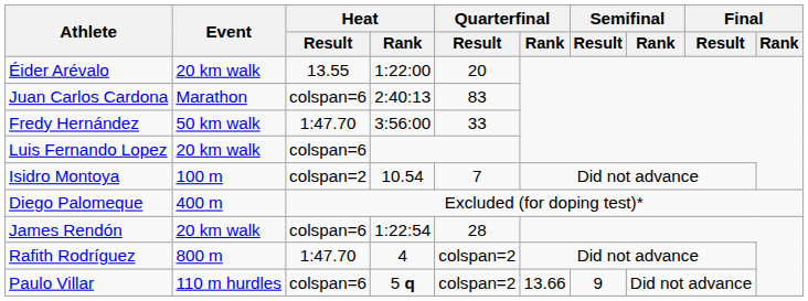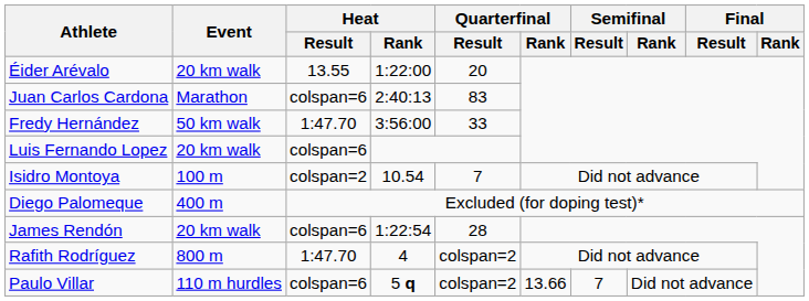 <table class="wikitable" style="font-size:90%">
 <tr>
 <th rowspan="2">Athlete</th>
 <th rowspan="2">Event</th>
 <th colspan="2">Heat</th>
 <th colspan="2">Quarterfinal</th>
 <th colspan="2">Semifinal</th>
 <th colspan="2">Final</th>
 </tr>
 <tr style="font-size:95%">
 <th>Result</th>
 <th>Rank</th>
 <th>Result</th>
 <th>Rank</th>
 <th>Result</th>
 <th>Rank</th>
 <th>Result</th>
 <th>Rank</th>
 </tr>
 <tr align=center>
 <td align=left><a href='#'>Éider Arévalo</a></td>
 <td align=left><a href='#'>20 km walk</a></td>
 <td>13.55</td>
 <td>1:22:00</td>
 <td>20</td>
 </tr>
 <tr align=center>
 <td align=left><a href='#'>Juan Carlos Cardona</a></td>
 <td align=left><a href='#'>Marathon</a></td>
 <td>colspan=6 </td>
 <td>2:40:13</td>
 <td>83</td>
 </tr>
 <tr align=center>
 <td align=left><a href='#'>Fredy Hernández</a></td>
 <td align=left><a href='#'>50 km walk</a></td>
 <td>1:47.70</td>
 <td>3:56:00</td>
 <td>33</td>
 </tr>
 <tr align=center>
 <td align=left><a href='#'>Luis Fernando Lopez</a></td>
 <td align=left><a href='#'>20 km walk</a></td>
 <td>colspan=6 </td>
 <td colspan=2></td>
 </tr>
 <tr align=center>
 <td align=left><a href='#'>Isidro Montoya</a></td>
 <td align=left><a href='#'>100 m</a></td>
 <td>colspan=2 </td>
 <td>10.54</td>
 <td>7</td>
 <td colspan=4>Did not advance</td>
 </tr>
 <tr align=center>
 <td align=left><a href='#'>Diego Palomeque</a></td>
 <td align=left><a href='#'>400 m</a></td>
 <td colspan=8>Excluded (for doping test)*</td>
 </tr>
 <tr align=center>
 <td align=left><a href='#'>James Rendón</a></td>
 <td align=left><a href='#'>20 km walk</a></td>
 <td>colspan=6 </td>
 <td>1:22:54</td>
 <td>28</td>
 </tr>
 <tr align=center>
 <td align=left><a href='#'>Rafith Rodríguez</a></td>
 <td align=left><a href='#'>800 m</a></td>
 <td>1:47.70</td>
 <td>4</td>
 <td>colspan=2 </td>
 <td colspan=4>Did not advance</td>
 </tr>
 <tr align=center>
 <td align=left><a href='#'>Paulo Villar</a></td>
 <td align=left><a href='#'>110 m hurdles</a></td>
 <td>colspan=6 </td>
 <td>5 <strong>q</strong></td>
 <td>colspan=2 </td>
 <td>13.66</td>
-<td>9</td>
+<td>7</td>
 <td colspan=2>Did not advance</td>
 </tr>
 </table>
